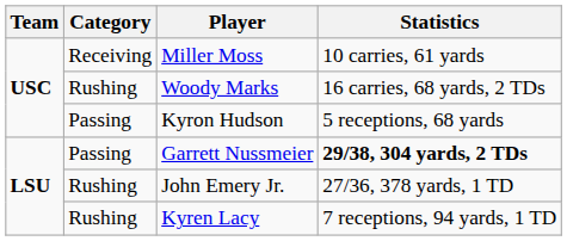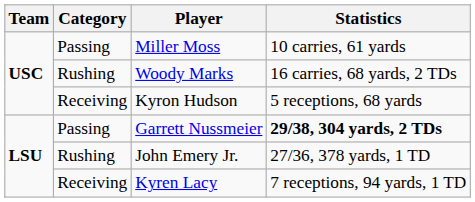 <table class="wikitable" style="float: right;">
 <tr>
 <th>Team</th>
 <th>Category</th>
 <th>Player</th>
 <th>Statistics</th>
 </tr>
 <tr>
 <td rowspan=3><strong>USC</strong></td>
-<td>Receiving</td>
+<td>Passing</td>
 <td><a href='#'> Miller Moss</a></td>
 <td>10 carries, 61 yards</td>
 </tr>
 <tr>
 <td>Rushing</td>
 <td><a href='#'>Woody Marks</a></td>
 <td>16 carries, 68 yards, 2 TDs</td>
 </tr>
 <tr>
-<td>Passing</td>
+<td>Receiving</td>
 <td>Kyron Hudson</td>
 <td>5 receptions, 68 yards</td>
 </tr>
 <tr>
 <td rowspan=3><strong>LSU</strong></td>
 <td>Passing</td>
 <td><a href='#'>Garrett Nussmeier</a></td>
 <td><strong>29/38, 304 yards, 2 TDs</strong></td>
 </tr>
 <tr>
 <td>Rushing</td>
 <td>John Emery Jr.</td>
 <td>27/36, 378 yards, 1 TD</td>
 </tr>
 <tr>
-<td>Rushing</td>
+<td>Receiving</td>
 <td><a href='#'>Kyren Lacy</a></td>
 <td>7 receptions, 94 yards, 1 TD</td>
 </tr>
 </table>
